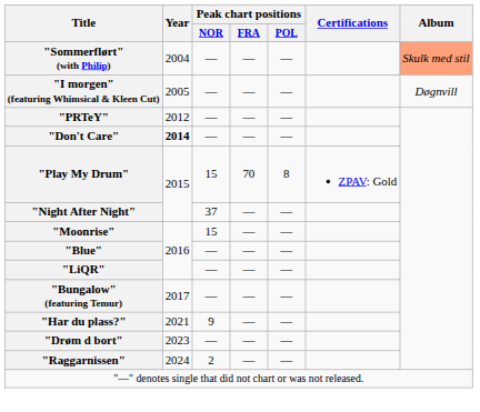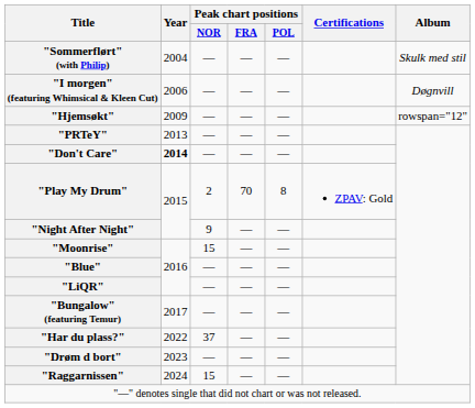 <table class="wikitable plainrowheaders" style="text-align:center;">
 <tr>
 <th scope="col" rowspan="2">Title</th>
 <th scope="col" rowspan="2">Year</th>
 <th scope="col" colspan="3">Peak chart positions</th>
 <th scope="col" rowspan="2"><a href='#'>Certifications</a></th>
 <th scope="col" rowspan="2">Album</th>
 </tr>
 <tr>
 <th scope="col" style="width:3em;font-size:90%;"><a href='#'>NOR</a><br></th>
 <th scope="col" style="width:3em;font-size:90%;"><a href='#'>FRA</a><br></th>
 <th scope="col" style="width:3em;font-size:90%;"><a href='#'>POL</a><br></th>
 </tr>
 <tr>
 <th scope="row">"Sommerflørt"<br><small>(with <a href='#'>Philip</a>)</small></th>
 <td>2004</td>
 <td>—</td>
 <td>—</td>
 <td>—</td>
 <td></td>
-<td style="background: lightsalmon;"><em>Skulk med stil</em></td>
+<td><em>Skulk med stil</em></td>
 </tr>
 <tr>
 <th scope="row">"I morgen"<br><small>(featuring Whimsical & Kleen Cut)</small></th>
-<td>2005</td>
+<td>2006</td>
 <td>—</td>
 <td>—</td>
 <td>—</td>
 <td></td>
 <td style="text-align:center;"><em>Døgnvill</em></td>
 </tr>
 <tr>
+<th scope="row">"Hjemsøkt"</th>
+<td>2009</td>
+<td>—</td>
+<td>—</td>
+<td>—</td>
+<td></td>
+<td>rowspan="12" </td>
+</tr>
+<tr>
 <th scope="row">"PRTeY"</th>
-<td>2012</td>
+<td>2013</td>
 <td>—</td>
 <td>—</td>
 <td>—</td>
 <td></td>
 </tr>
 <tr>
 <th scope="row">"Don't Care"</th>
 <td><strong>2014</strong></td>
 <td>—</td>
 <td>—</td>
 <td>—</td>
 <td></td>
 </tr>
 <tr>
 <th scope="row">"Play My Drum"</th>
 <td rowspan="2">2015</td>
-<td>15<br></td>
+<td>2</td>
 <td>70</td>
 <td>8</td>
 <td><br><ul><li><a href='#'>ZPAV</a>: Gold</li></ul></td>
 </tr>
 <tr>
 <th scope="row">"Night After Night"</th>
-<td>37</td>
+<td>9</td>
 <td>—</td>
 <td>—</td>
 <td></td>
 </tr>
 <tr>
 <th scope="row">"Moonrise"</th>
 <td rowspan="3">2016</td>
 <td>15<br></td>
 <td>—</td>
 <td>—</td>
 <td></td>
 </tr>
 <tr>
 <th scope="row">"Blue"</th>
 <td>—</td>
 <td>—</td>
 <td>—</td>
 <td></td>
 </tr>
 <tr>
 <th scope="row">"LiQR"</th>
 <td>—</td>
 <td>—</td>
 <td>—</td>
 <td></td>
 </tr>
 <tr>
 <th scope="row">"Bungalow"<br><small>(featuring Temur)</small></th>
 <td>2017</td>
 <td>—</td>
 <td>—</td>
 <td>—</td>
 <td></td>
 </tr>
 <tr>
 <th scope="row">"Har du plass?"<br></th>
-<td>2021</td>
-<td>9</td>
+<td>2022</td>
+<td>37</td>
 <td>—</td>
 <td>—</td>
 <td></td>
 </tr>
 <tr>
 <th scope="row">"Drøm d bort"</th>
 <td>2023</td>
 <td>—</td>
 <td>—</td>
 <td>—</td>
 <td></td>
 </tr>
 <tr>
 <th scope="row">"Raggarnissen"<br></th>
 <td>2024</td>
-<td>2</td>
+<td>15<br></td>
 <td>—</td>
 <td>—</td>
 <td></td>
 </tr>
 <tr>
 <td colspan="7" style="font-size:90%">"—" denotes single that did not chart or was not released.</td>
 </tr>
 </table>
